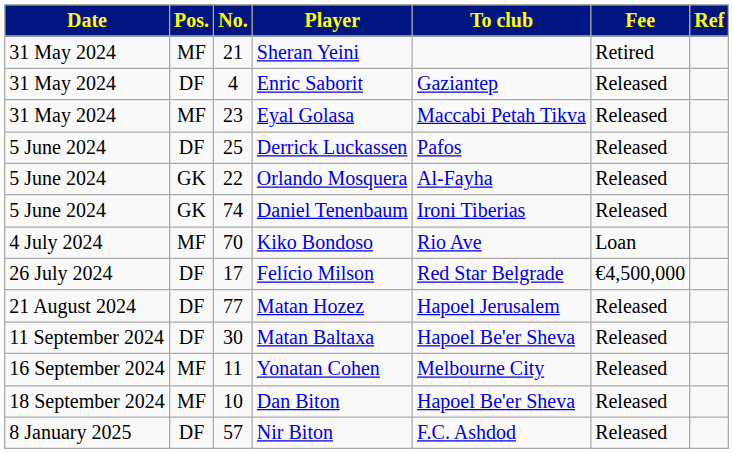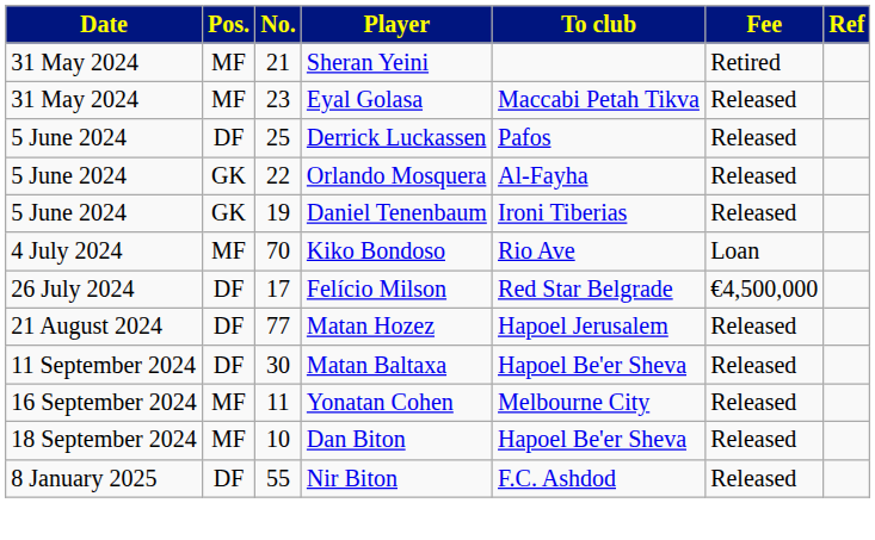 <table class="wikitable plainrowheaders sortable">
 <tr>
 <th style="background:#00157F; color:#FFFF00; ">Date</th>
 <th style="background:#00157F; color:#FFFF00; ">Pos.</th>
 <th style="background:#00157F; color:#FFFF00; ">No.</th>
 <th style="background:#00157F; color:#FFFF00; ">Player</th>
 <th style="background:#00157F; color:#FFFF00; ">To club</th>
 <th style="background:#00157F; color:#FFFF00; ">Fee</th>
 <th style="background:#00157F; color:#FFFF00; ">Ref</th>
 </tr>
 <tr>
 <td>31 May 2024</td>
 <td style="text-align:center;">MF</td>
 <td style="text-align:center;">21</td>
 <td style="text-align:left;"> <a href='#'>Sheran Yeini</a></td>
 <td></td>
 <td>Retired</td>
-<td></td>
-</tr>
-<tr>
-<td>31 May 2024</td>
-<td style="text-align:center;">DF</td>
-<td style="text-align:center;">4</td>
-<td style="text-align:left;"> <a href='#'>Enric Saborit</a></td>
-<td style="text-align:left;"> <a href='#'>Gaziantep</a></td>
-<td>Released</td>
 <td></td>
 </tr>
 <tr>
 <td>31 May 2024</td>
 <td style="text-align:center;">MF</td>
 <td style="text-align:center;">23</td>
 <td style="text-align:left;"> <a href='#'>Eyal Golasa</a></td>
 <td> <a href='#'>Maccabi Petah Tikva</a></td>
 <td>Released</td>
 <td></td>
 </tr>
 <tr>
 <td>5 June 2024</td>
 <td style="text-align:center;">DF</td>
 <td style="text-align:center;">25</td>
 <td style="text-align:left;"> <a href='#'>Derrick Luckassen</a></td>
 <td style="text-align:left;"> <a href='#'>Pafos</a></td>
 <td>Released</td>
 <td></td>
 </tr>
 <tr>
 <td>5 June 2024</td>
 <td style="text-align:center;">GK</td>
 <td style="text-align:center;">22</td>
 <td style="text-align:left;"> <a href='#'>Orlando Mosquera</a></td>
 <td style="text-align:left;"> <a href='#'>Al-Fayha</a></td>
 <td>Released</td>
 <td></td>
 </tr>
 <tr>
 <td>5 June 2024</td>
 <td style="text-align:center;">GK</td>
-<td style="text-align:center;">74</td>
+<td style="text-align:center;">19</td>
 <td style="text-align:left;"> <a href='#'>Daniel Tenenbaum</a></td>
 <td style="text-align:left;"> <a href='#'>Ironi Tiberias</a></td>
 <td>Released</td>
 <td></td>
 </tr>
 <tr>
 <td>4 July 2024</td>
 <td style="text-align:center;">MF</td>
 <td style="text-align:center;">70</td>
 <td style="text-align:left;"> <a href='#'>Kiko Bondoso</a></td>
 <td style="text-align:left;"> <a href='#'>Rio Ave</a></td>
 <td>Loan</td>
 <td></td>
 </tr>
 <tr>
 <td>26 July 2024</td>
 <td style="text-align:center;">DF</td>
 <td style="text-align:center;">17</td>
 <td style="text-align:left;"> <a href='#'>Felício Milson</a></td>
 <td style="text-align:left;"> <a href='#'>Red Star Belgrade</a></td>
 <td>€4,500,000</td>
 <td></td>
 </tr>
 <tr>
 <td>21 August 2024</td>
 <td style="text-align:center;">DF</td>
 <td style="text-align:center;">77</td>
 <td> <a href='#'>Matan Hozez</a></td>
 <td> <a href='#'>Hapoel Jerusalem</a></td>
 <td>Released</td>
 <td></td>
 </tr>
 <tr>
 <td>11 September 2024</td>
 <td style="text-align:center;">DF</td>
 <td style="text-align:center;">30</td>
 <td> <a href='#'>Matan Baltaxa</a></td>
 <td> <a href='#'>Hapoel Be'er Sheva</a></td>
 <td>Released</td>
 <td></td>
 </tr>
 <tr>
 <td>16 September 2024</td>
 <td style="text-align:center;">MF</td>
 <td style="text-align:center;">11</td>
 <td> <a href='#'>Yonatan Cohen</a></td>
 <td> <a href='#'>Melbourne City</a></td>
 <td>Released</td>
 <td></td>
 </tr>
 <tr>
 <td>18 September 2024</td>
 <td style="text-align:center;">MF</td>
 <td style="text-align:center;">10</td>
 <td> <a href='#'>Dan Biton</a></td>
 <td> <a href='#'>Hapoel Be'er Sheva</a></td>
 <td>Released</td>
 <td></td>
 </tr>
 <tr>
 <td>8 January 2025</td>
 <td style="text-align:center;">DF</td>
-<td style="text-align:center;">57</td>
+<td style="text-align:center;">55</td>
 <td> <a href='#'>Nir Biton</a></td>
 <td> <a href='#'>F.C. Ashdod</a></td>
 <td>Released</td>
 <td></td>
 </tr>
 </table>
